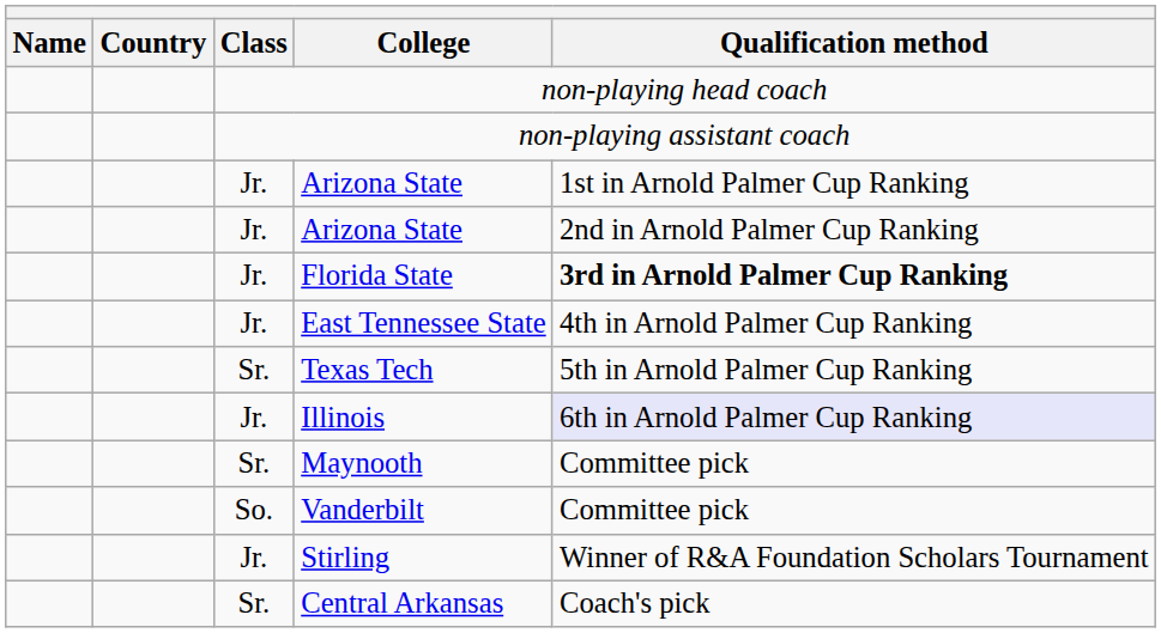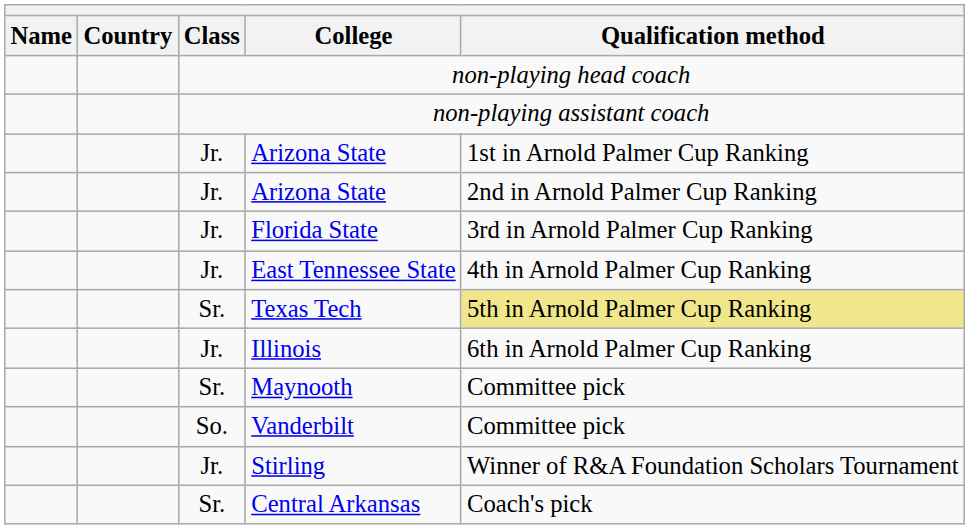 <table class="wikitable sortable">
 <tr>
 <th colspan=5></th>
 </tr>
 <tr>
 <th>Name</th>
 <th>Country</th>
 <th>Class</th>
 <th>College</th>
 <th>Qualification method</th>
 </tr>
 <tr>
 <td></td>
 <td></td>
 <td colspan=3 align=center><em>non-playing head coach</em></td>
 </tr>
 <tr>
 <td></td>
 <td></td>
 <td colspan=3 align=center><em>non-playing assistant coach</em></td>
 </tr>
 <tr>
 <td></td>
 <td></td>
 <td align=center>Jr.</td>
 <td><a href='#'>Arizona State</a></td>
 <td>1st in Arnold Palmer Cup Ranking</td>
 </tr>
 <tr>
 <td></td>
 <td></td>
 <td align=center>Jr.</td>
 <td><a href='#'>Arizona State</a></td>
 <td>2nd in Arnold Palmer Cup Ranking</td>
 </tr>
 <tr>
 <td></td>
 <td></td>
 <td align=center>Jr.</td>
 <td><a href='#'>Florida State</a></td>
-<td><strong>3rd in Arnold Palmer Cup Ranking</strong></td>
+<td>3rd in Arnold Palmer Cup Ranking</td>
 </tr>
 <tr>
 <td></td>
 <td></td>
 <td align=center>Jr.</td>
 <td><a href='#'>East Tennessee State</a></td>
 <td>4th in Arnold Palmer Cup Ranking</td>
 </tr>
 <tr>
 <td></td>
 <td></td>
 <td align=center>Sr.</td>
 <td><a href='#'>Texas Tech</a></td>
-<td>5th in Arnold Palmer Cup Ranking</td>
+<td style="background: khaki;">5th in Arnold Palmer Cup Ranking</td>
 </tr>
 <tr>
 <td></td>
 <td></td>
 <td align=center>Jr.</td>
 <td><a href='#'>Illinois</a></td>
-<td style="background: lavender;">6th in Arnold Palmer Cup Ranking</td>
+<td>6th in Arnold Palmer Cup Ranking</td>
 </tr>
 <tr>
 <td></td>
 <td></td>
 <td align=center>Sr.</td>
 <td><a href='#'>Maynooth</a></td>
 <td>Committee pick</td>
 </tr>
 <tr>
 <td></td>
 <td></td>
 <td align=center>So.</td>
 <td><a href='#'>Vanderbilt</a></td>
 <td>Committee pick</td>
 </tr>
 <tr>
 <td></td>
 <td></td>
 <td align=center>Jr.</td>
 <td><a href='#'>Stirling</a></td>
 <td>Winner of R&A Foundation Scholars Tournament</td>
 </tr>
 <tr>
 <td></td>
 <td></td>
 <td align=center>Sr.</td>
 <td><a href='#'>Central Arkansas</a></td>
 <td>Coach's pick</td>
 </tr>
 </table>
